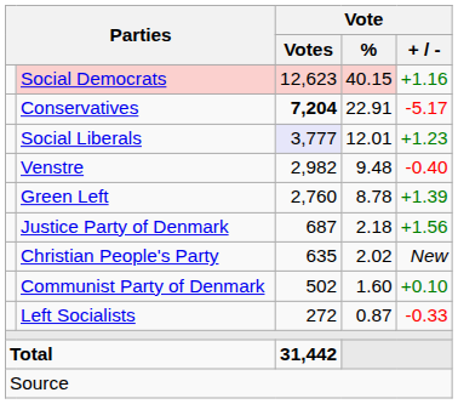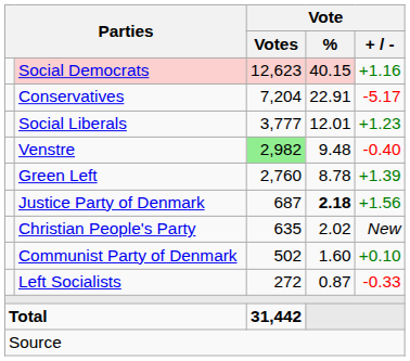 <table class="wikitable" style="text-align:right;">
 <tr>
 <th style="text-align:centre;" rowspan="2" colspan="2" width="225">Parties</th>
 <th colspan="3">Vote</th>
 </tr>
 <tr>
 <th width="15">Votes</th>
 <th width="15">%</th>
 <th width="15">+ / -</th>
 </tr>
 <tr>
 <td width="2" style="color:inherit;background:"></td>
 <td bgcolor=#fbd0ce  align="left"><a href='#'>Social Democrats</a></td>
 <td bgcolor=#fbd0ce>12,623</td>
 <td bgcolor=#fbd0ce>40.15</td>
 <td style=color:green;>+1.16</td>
 </tr>
 <tr>
 <td width="2" style="color:inherit;background:"></td>
 <td align="left"><a href='#'>Conservatives</a></td>
-<td><strong>7,204</strong></td>
+<td>7,204</td>
 <td>22.91</td>
 <td style=color:red;>-5.17</td>
 </tr>
 <tr>
 <td width="2" style="color:inherit;background:"></td>
 <td align="left"><a href='#'>Social Liberals</a></td>
-<td style="background: lavender;">3,777</td>
+<td>3,777</td>
 <td>12.01</td>
 <td style=color:green;>+1.23</td>
 </tr>
 <tr>
 <td width="2" style="color:inherit;background:"></td>
 <td align="left"><a href='#'>Venstre</a></td>
-<td>2,982</td>
+<td style="background: lightgreen;">2,982</td>
 <td>9.48</td>
 <td style=color:red;>-0.40</td>
 </tr>
 <tr>
 <td width="2" style="color:inherit;background:"></td>
 <td align="left"><a href='#'>Green Left</a></td>
 <td>2,760</td>
 <td>8.78</td>
 <td style=color:green;>+1.39</td>
 </tr>
 <tr>
 <td width="2" style="color:inherit;background:"></td>
 <td align="left"><a href='#'>Justice Party of Denmark</a></td>
 <td>687</td>
-<td>2.18</td>
+<td><strong>2.18</strong></td>
 <td style=color:green;>+1.56</td>
 </tr>
 <tr>
 <td width="2" style="color:inherit;background:"></td>
 <td align="left"><a href='#'>Christian People's Party</a></td>
 <td>635</td>
 <td>2.02</td>
 <td><em>New</em></td>
 </tr>
 <tr>
 <td width="2" style="color:inherit;background:"></td>
 <td align="left"><a href='#'>Communist Party of Denmark</a></td>
 <td>502</td>
 <td>1.60</td>
 <td style=color:green;>+0.10</td>
 </tr>
 <tr>
 <td width="2" style="color:inherit;background:"></td>
 <td align="left"><a href='#'>Left Socialists</a></td>
 <td>272</td>
 <td>0.87</td>
 <td style=color:red;>-0.33</td>
 </tr>
 <tr>
 <td colspan="7" bgcolor="#E9E9E9"></td>
 </tr>
 <tr>
 <td align="left" colspan="2"><strong>Total</strong></td>
 <td><strong>31,442</strong></td>
 <td bgcolor="#E9E9E9" colspan="2"></td>
 </tr>
 <tr>
 <td align="left" colspan="6">Source</td>
 </tr>
 </table>
